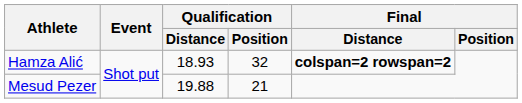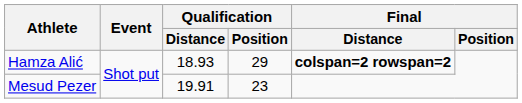 <table class=wikitable style=font-size:90%>
 <tr>
 <th rowspan=2>Athlete</th>
 <th rowspan=2>Event</th>
 <th colspan=2>Qualification</th>
 <th colspan=2>Final</th>
 </tr>
 <tr style=font-size:95%>
 <th>Distance</th>
 <th>Position</th>
 <th>Distance</th>
 <th>Position</th>
 </tr>
 <tr align=center>
 <td align=left><a href='#'>Hamza Alić</a></td>
 <td align=left rowspan=2><a href='#'>Shot put</a></td>
 <td>18.93</td>
-<td>32</td>
+<td>29</td>
 <td><strong>colspan=2 rowspan=2 </strong></td>
 </tr>
 <tr align=center>
 <td align=left><a href='#'>Mesud Pezer</a></td>
-<td>19.88</td>
-<td>21</td>
+<td>19.91</td>
+<td>23</td>
 </tr>
 </table>
